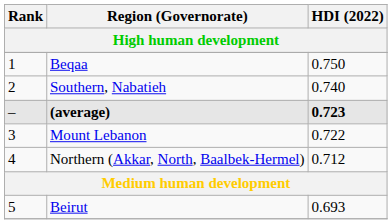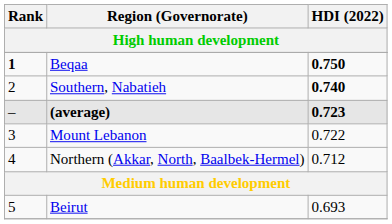 <table class="wikitable sortable">
 <tr>
 <th class="sort">Rank</th>
 <th class="sort">Region (Governorate)</th>
 <th class="sort">HDI (2022)</th>
 </tr>
 <tr>
 <th colspan="3" style="color:#0c0;" align="center"><strong>High human development</strong></th>
 </tr>
 <tr>
 </tr>
 <tr>
-<td>1</td>
+<td><strong>1</strong></td>
 <td><a href='#'>Beqaa</a></td>
-<td>0.750</td>
+<td><strong>0.750</strong></td>
 </tr>
 <tr>
 <td>2</td>
 <td><a href='#'>Southern</a>, <a href='#'>Nabatieh</a></td>
-<td>0.740</td>
+<td><strong>0.740</strong></td>
 </tr>
 <tr style="background:#e6e6e6">
 <td>–</td>
 <td><strong> (average)</strong></td>
 <td><strong>0.723</strong></td>
 </tr>
 <tr>
 <td>3</td>
 <td><a href='#'>Mount Lebanon</a></td>
 <td>0.722</td>
 </tr>
 <tr>
 <td>4</td>
 <td>Northern (<a href='#'>Akkar</a>, <a href='#'>North</a>, <a href='#'>Baalbek-Hermel</a>)</td>
 <td>0.712</td>
 </tr>
 <tr>
 <th colspan="3" style="color:#fc0;" align="center"><strong>Medium human development</strong></th>
 </tr>
 <tr>
 <td>5</td>
 <td><a href='#'>Beirut</a></td>
 <td>0.693</td>
 </tr>
 <tr>
 </tr>
 </table>
